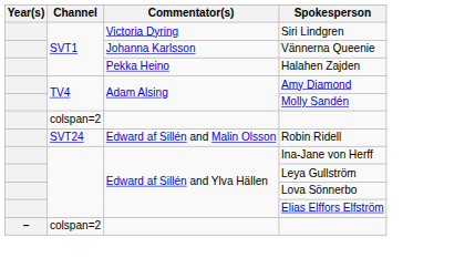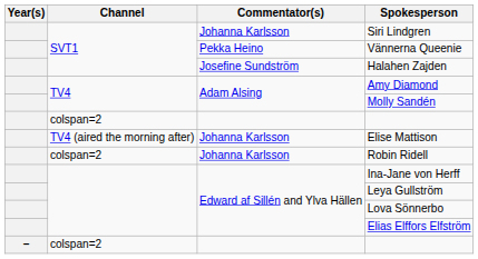 <table class="wikitable sortable plainrowheaders">
 <tr>
 <th scope="col">Year(s)</th>
 <th scope="col">Channel</th>
 <th scope="col">Commentator(s)</th>
 <th scope="col">Spokesperson</th>
 </tr>
 <tr>
 <th scope="row" style="text-align:center;"></th>
 <td rowspan=3><a href='#'>SVT1</a></td>
-<td><a href='#'>Victoria Dyring</a></td>
+<td><a href='#'>Johanna Karlsson</a></td>
 <td>Siri Lindgren</td>
 </tr>
 <tr>
 <th scope="row" style="text-align:center;"></th>
-<td><a href='#'>Johanna Karlsson</a></td>
+<td><a href='#'>Pekka Heino</a></td>
 <td>Vännerna Queenie</td>
 </tr>
 <tr>
 <th scope="row" style="text-align:center;"></th>
-<td><a href='#'>Pekka Heino</a></td>
+<td><a href='#'>Josefine Sundström</a></td>
 <td>Halahen Zajden</td>
 </tr>
 <tr>
 <th scope="row" style="text-align:center;"></th>
 <td rowspan=2><a href='#'>TV4</a></td>
 <td rowspan=2><a href='#'>Adam Alsing</a></td>
 <td><a href='#'>Amy Diamond</a></td>
 </tr>
 <tr>
 <th scope="row" style="text-align:center;"></th>
 <td><a href='#'>Molly Sandén</a></td>
 </tr>
 <tr>
 <th scope="row" style="text-align:center;"></th>
 <td>colspan=2 </td>
 <td></td>
 </tr>
 <tr>
 <th scope="row" style="text-align:center;"></th>
-<td><a href='#'>SVT24</a></td>
-<td><a href='#'>Edward af Sillén</a> and <a href='#'>Malin Olsson</a></td>
+<td><a href='#'>TV4</a> (aired the morning after)</td>
+<td><a href='#'>Johanna Karlsson</a></td>
+<td>Elise Mattison</td>
+</tr>
+<tr>
+<th scope="row" style="text-align:center;"></th>
+<td>colspan=2 </td>
+<td><a href='#'>Johanna Karlsson</a></td>
 <td>Robin Ridell</td>
 </tr>
 <tr>
 <th scope="row" style="text-align:center;"></th>
 <td rowspan=4></td>
 <td rowspan=4><a href='#'>Edward af Sillén</a> and Ylva Hällen</td>
 <td>Ina-Jane von Herff</td>
 </tr>
 <tr>
 <th scope="row" style="text-align:center;"></th>
 <td>Leya Gullström</td>
 </tr>
 <tr>
 <th scope="row" style="text-align:center;"></th>
 <td>Lova Sönnerbo</td>
 </tr>
 <tr>
 <th scope="row" style="text-align:center;"></th>
 <td><a href='#'>Elias Elffors Elfström</a></td>
 </tr>
 <tr>
 <th scope="row" style="text-align:center;">–</th>
 <td>colspan=2 </td>
 <td></td>
 </tr>
 </table>
